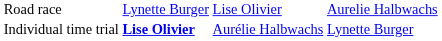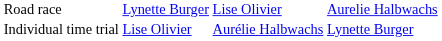 <table>
 <tr>
 <td>Road race</td>
 <td> <a href='#'>Lynette Burger</a></td>
 <td> <a href='#'>Lise Olivier</a></td>
 <td> <a href='#'>Aurelie Halbwachs</a></td>
 </tr>
 <tr>
 <td>Individual time trial</td>
-<td><strong> <a href='#'>Lise Olivier</a></strong></td>
+<td> <a href='#'>Lise Olivier</a></td>
 <td> <a href='#'>Aurélie Halbwachs</a></td>
 <td> <a href='#'>Lynette Burger</a></td>
 </tr>
 </table>
